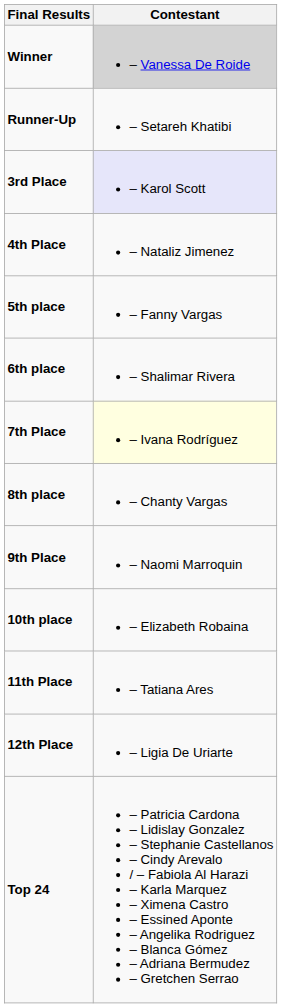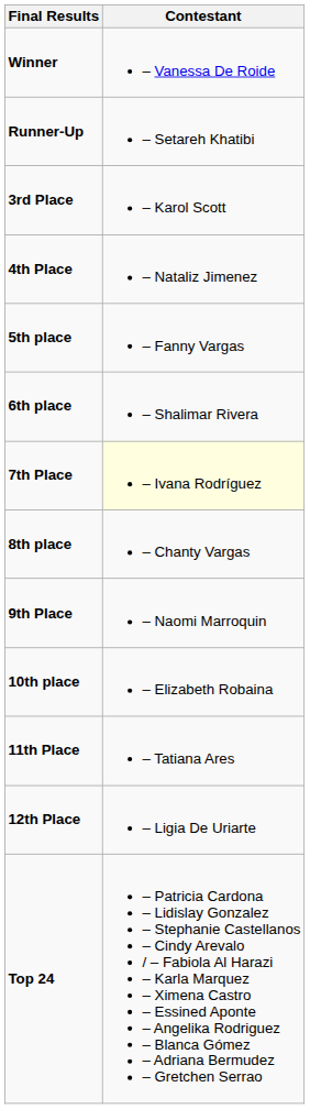 <table class="wikitable">
 <tr>
 <th>Final Results</th>
 <th>Contestant</th>
 </tr>
 <tr>
 <td><strong>Winner</strong></td>
-<td style="background: lightgrey;"><br><ul><li><strong></strong> – <a href='#'>Vanessa De Roide</a></li></ul></td>
+<td><br><ul><li><strong></strong> – <a href='#'>Vanessa De Roide</a></li></ul></td>
 </tr>
 <tr>
 <td><strong>Runner-Up</strong></td>
 <td><br><ul><li><strong></strong> – Setareh Khatibi</li></ul></td>
 </tr>
 <tr>
 <td><strong>3rd Place</strong></td>
-<td style="background: lavender;"><br><ul><li><strong></strong> – Karol Scott</li></ul></td>
+<td><br><ul><li><strong></strong> – Karol Scott</li></ul></td>
 </tr>
 <tr>
 <td><strong>4th Place</strong></td>
 <td><br><ul><li><strong></strong> – Nataliz Jimenez</li></ul></td>
 </tr>
 <tr>
 <td><strong>5th place</strong></td>
 <td><br><ul><li><strong></strong> – Fanny Vargas</li></ul></td>
 </tr>
 <tr>
 <td><strong>6th place</strong></td>
 <td><br><ul><li><strong></strong> – Shalimar Rivera</li></ul></td>
 </tr>
 <tr>
 <td><strong>7th Place</strong></td>
 <td style="background: lightyellow;"><br><ul><li><strong></strong> – Ivana Rodríguez</li></ul></td>
 </tr>
 <tr>
 <td><strong>8th place</strong></td>
 <td><br><ul><li><strong></strong> – Chanty Vargas</li></ul></td>
 </tr>
 <tr>
 <td><strong> 9th Place</strong></td>
 <td><br><ul><li><strong></strong> – Naomi Marroquin</li></ul></td>
 </tr>
 <tr>
 <td><strong>10th place</strong></td>
 <td><br><ul><li><strong></strong> – Elizabeth Robaina</li></ul></td>
 </tr>
 <tr>
 <td><strong>11th Place</strong></td>
 <td><br><ul><li><strong></strong> – Tatiana Ares</li></ul></td>
 </tr>
 <tr>
 <td><strong>12th Place</strong></td>
 <td><br><ul><li><strong></strong> – Ligia De Uriarte</li></ul></td>
 </tr>
 <tr>
 <td><strong>Top 24</strong></td>
 <td><br><ul><li><strong></strong> – Patricia Cardona</li><li><strong></strong> – Lidislay Gonzalez</li><li><strong></strong> – Stephanie Castellanos</li><li><strong></strong> – Cindy Arevalo</li><li><strong></strong> / <strong></strong> – Fabiola Al Harazi</li><li><strong></strong> – Karla Marquez</li><li><strong></strong> – Ximena Castro</li><li><strong></strong> – Essined Aponte</li><li><strong></strong> – Angelika Rodriguez</li><li><strong></strong> – Blanca Gómez</li><li><strong></strong> – Adriana Bermudez</li><li><strong></strong> – Gretchen Serrao</li></ul></td>
 </tr>
 </table>
